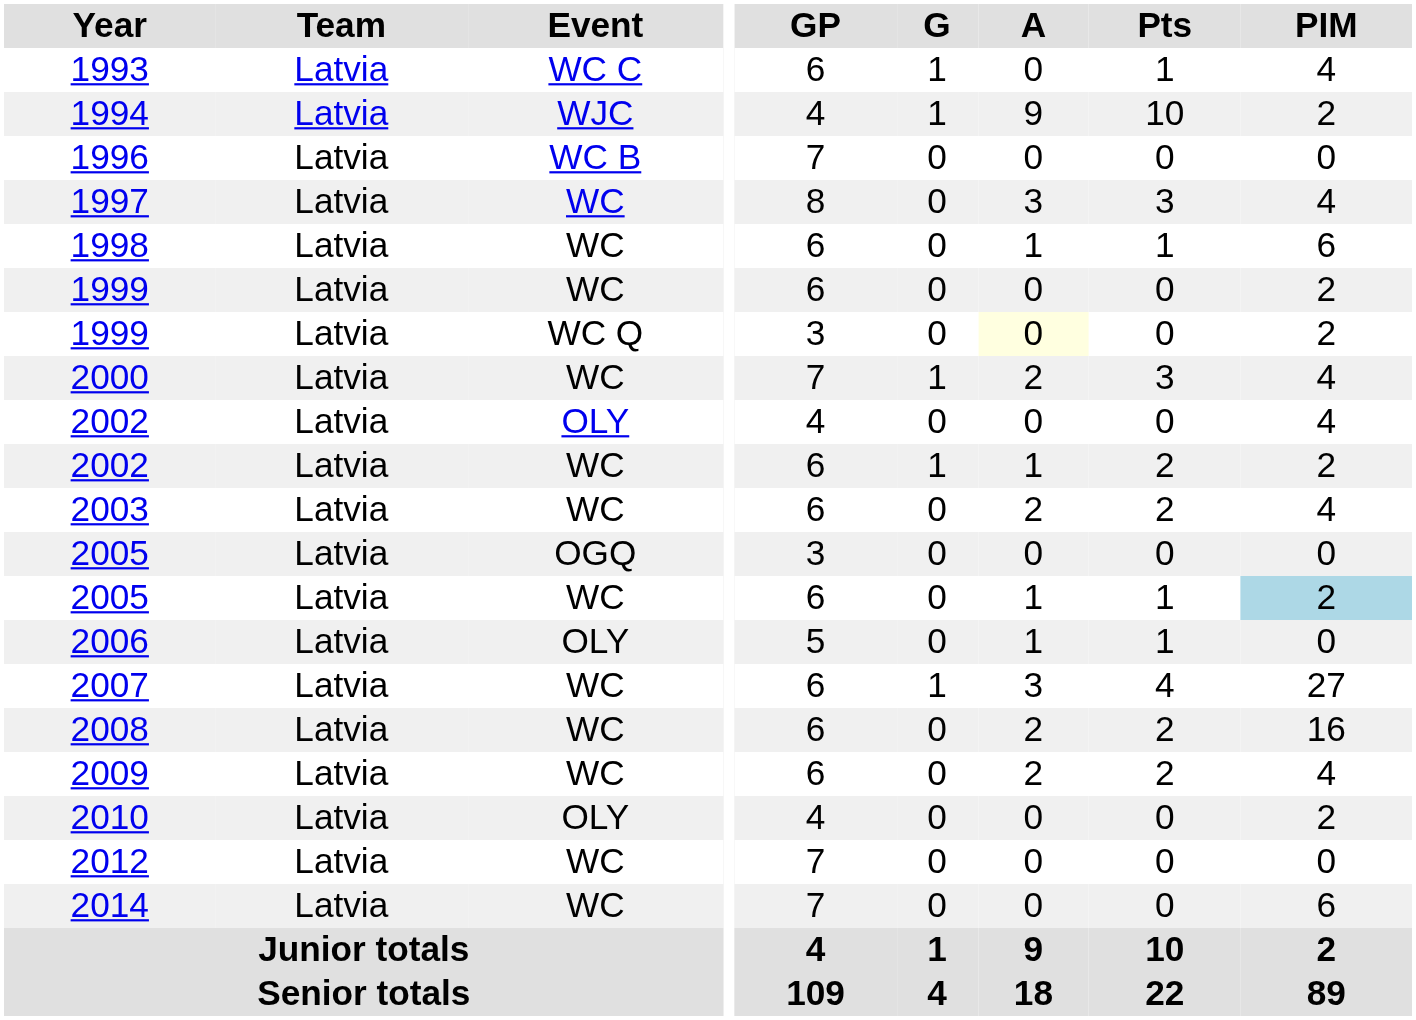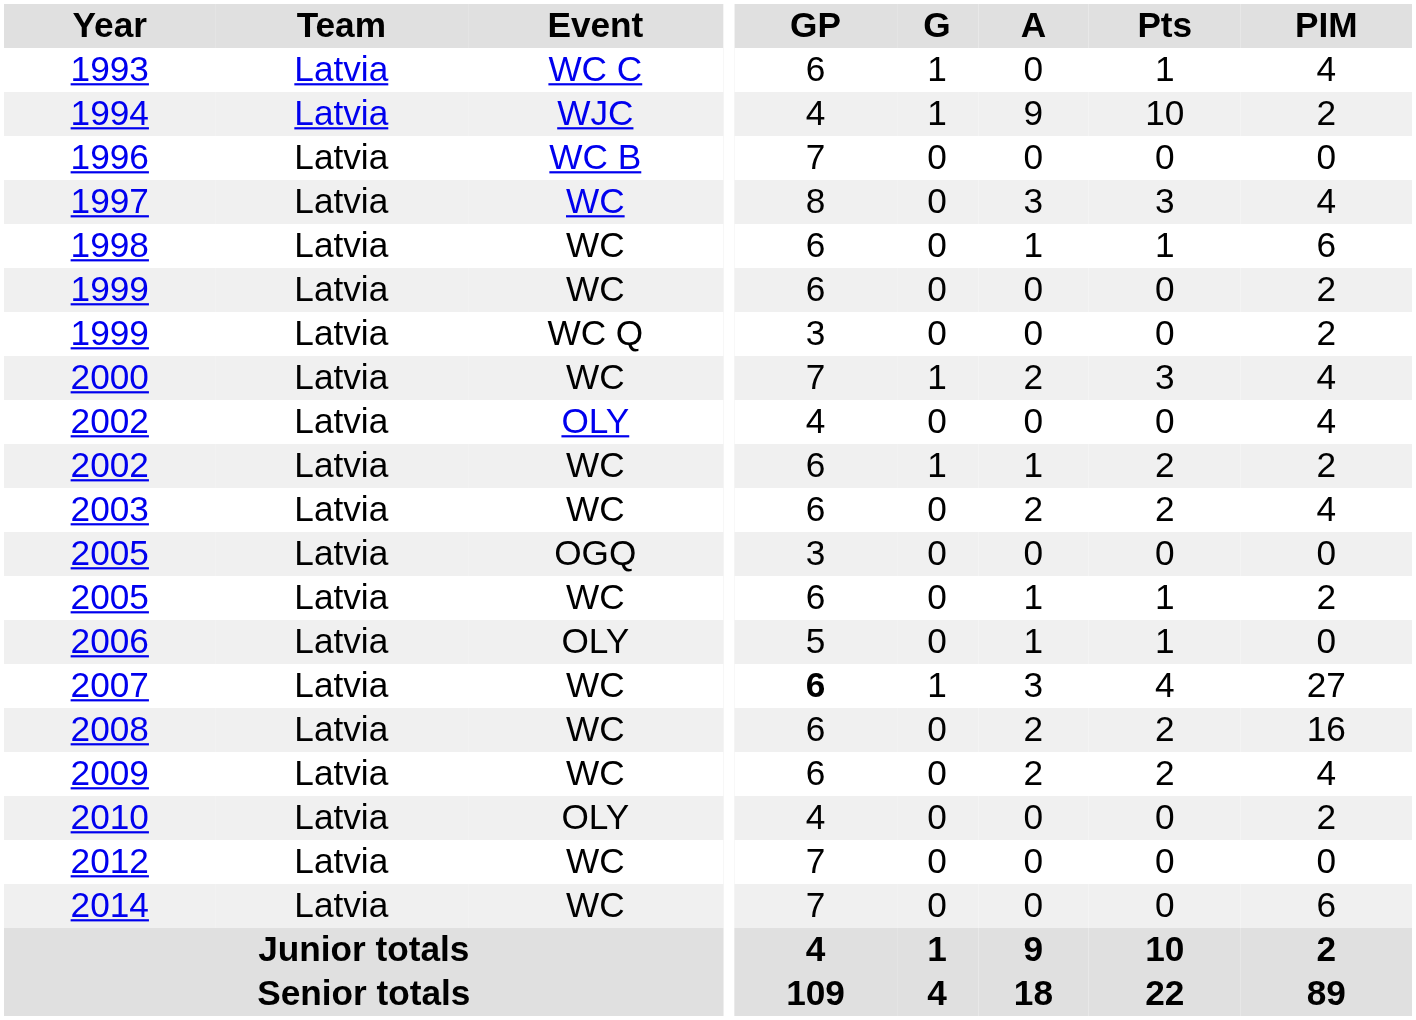 <table border="0" cellpadding="1" cellspacing="0" ID="Table3" style="text-align:center; width:40em">
 <tr bgcolor="#e0e0e0">
 <th>Year</th>
 <th>Team</th>
 <th>Event</th>
 <th rowspan="102" bgcolor="#ffffff"></th>
 <th>GP</th>
 <th>G</th>
 <th>A</th>
 <th>Pts</th>
 <th>PIM</th>
 </tr>
 <tr>
 <td><a href='#'>1993</a></td>
 <td><a href='#'>Latvia</a></td>
 <td><a href='#'>WC C</a></td>
 <td>6</td>
 <td>1</td>
 <td>0</td>
 <td>1</td>
 <td>4</td>
 </tr>
 <tr bgcolor="#f0f0f0">
 <td><a href='#'>1994</a></td>
 <td><a href='#'>Latvia</a></td>
 <td><a href='#'>WJC</a></td>
 <td>4</td>
 <td>1</td>
 <td>9</td>
 <td>10</td>
 <td>2</td>
 </tr>
 <tr>
 <td><a href='#'>1996</a></td>
 <td>Latvia</td>
 <td><a href='#'>WC B</a></td>
 <td>7</td>
 <td>0</td>
 <td>0</td>
 <td>0</td>
 <td>0</td>
 </tr>
 <tr bgcolor="#f0f0f0">
 <td><a href='#'>1997</a></td>
 <td>Latvia</td>
 <td><a href='#'>WC</a></td>
 <td>8</td>
 <td>0</td>
 <td>3</td>
 <td>3</td>
 <td>4</td>
 </tr>
 <tr>
 <td><a href='#'>1998</a></td>
 <td>Latvia</td>
 <td>WC</td>
 <td>6</td>
 <td>0</td>
 <td>1</td>
 <td>1</td>
 <td>6</td>
 </tr>
 <tr bgcolor="#f0f0f0">
 <td><a href='#'>1999</a></td>
 <td>Latvia</td>
 <td>WC</td>
 <td>6</td>
 <td>0</td>
 <td>0</td>
 <td>0</td>
 <td>2</td>
 </tr>
 <tr>
 <td><a href='#'>1999</a></td>
 <td>Latvia</td>
 <td>WC Q</td>
 <td>3</td>
 <td>0</td>
-<td style="background: lightyellow;">0</td>
+<td>0</td>
 <td>0</td>
 <td>2</td>
 </tr>
 <tr bgcolor="#f0f0f0">
 <td><a href='#'>2000</a></td>
 <td>Latvia</td>
 <td>WC</td>
 <td>7</td>
 <td>1</td>
 <td>2</td>
 <td>3</td>
 <td>4</td>
 </tr>
 <tr>
 <td><a href='#'>2002</a></td>
 <td>Latvia</td>
 <td><a href='#'>OLY</a></td>
 <td>4</td>
 <td>0</td>
 <td>0</td>
 <td>0</td>
 <td>4</td>
 </tr>
 <tr bgcolor="#f0f0f0">
 <td><a href='#'>2002</a></td>
 <td>Latvia</td>
 <td>WC</td>
 <td>6</td>
 <td>1</td>
 <td>1</td>
 <td>2</td>
 <td>2</td>
 </tr>
 <tr>
 <td><a href='#'>2003</a></td>
 <td>Latvia</td>
 <td>WC</td>
 <td>6</td>
 <td>0</td>
 <td>2</td>
 <td>2</td>
 <td>4</td>
 </tr>
 <tr bgcolor="#f0f0f0">
 <td><a href='#'>2005</a></td>
 <td>Latvia</td>
 <td>OGQ</td>
 <td>3</td>
 <td>0</td>
 <td>0</td>
 <td>0</td>
 <td>0</td>
 </tr>
 <tr>
 <td><a href='#'>2005</a></td>
 <td>Latvia</td>
 <td>WC</td>
 <td>6</td>
 <td>0</td>
 <td>1</td>
 <td>1</td>
-<td style="background: lightblue;">2</td>
+<td>2</td>
 </tr>
 <tr bgcolor="#f0f0f0">
 <td><a href='#'>2006</a></td>
 <td>Latvia</td>
 <td>OLY</td>
 <td>5</td>
 <td>0</td>
 <td>1</td>
 <td>1</td>
 <td>0</td>
 </tr>
 <tr>
 <td><a href='#'>2007</a></td>
 <td>Latvia</td>
 <td>WC</td>
-<td>6</td>
+<td><strong>6</strong></td>
 <td>1</td>
 <td>3</td>
 <td>4</td>
 <td>27</td>
 </tr>
 <tr bgcolor="#f0f0f0">
 <td><a href='#'>2008</a></td>
 <td>Latvia</td>
 <td>WC</td>
 <td>6</td>
 <td>0</td>
 <td>2</td>
 <td>2</td>
 <td>16</td>
 </tr>
 <tr>
 <td><a href='#'>2009</a></td>
 <td>Latvia</td>
 <td>WC</td>
 <td>6</td>
 <td>0</td>
 <td>2</td>
 <td>2</td>
 <td>4</td>
 </tr>
 <tr bgcolor="#f0f0f0">
 <td><a href='#'>2010</a></td>
 <td>Latvia</td>
 <td>OLY</td>
 <td>4</td>
 <td>0</td>
 <td>0</td>
 <td>0</td>
 <td>2</td>
 </tr>
 <tr>
 <td><a href='#'>2012</a></td>
 <td>Latvia</td>
 <td>WC</td>
 <td>7</td>
 <td>0</td>
 <td>0</td>
 <td>0</td>
 <td>0</td>
 </tr>
 <tr bgcolor="#f0f0f0">
 <td><a href='#'>2014</a></td>
 <td>Latvia</td>
 <td>WC</td>
 <td>7</td>
 <td>0</td>
 <td>0</td>
 <td>0</td>
 <td>6</td>
 </tr>
 <tr bgcolor="#e0e0e0">
 <th colspan="3">Junior totals</th>
 <th>4</th>
 <th>1</th>
 <th>9</th>
 <th>10</th>
 <th>2</th>
 </tr>
 <tr bgcolor="#e0e0e0">
 <th colspan="3">Senior totals</th>
 <th>109</th>
 <th>4</th>
 <th>18</th>
 <th>22</th>
 <th>89</th>
 </tr>
 </table>
